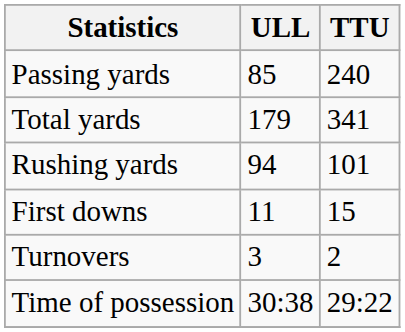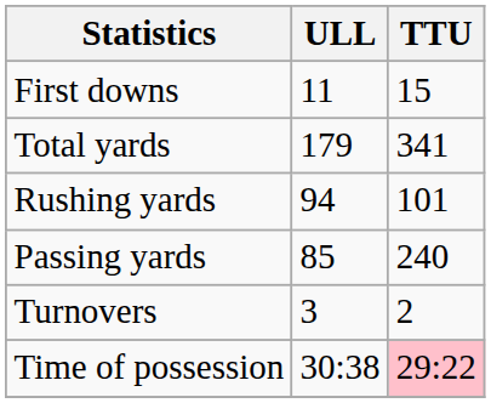 <table class="wikitable">
 <tr>
 <th>Statistics</th>
 <th>ULL</th>
 <th>TTU</th>
 </tr>
 <tr>
-<td>Passing yards</td>
-<td>85</td>
-<td>240</td>
+<td>First downs</td>
+<td>11</td>
+<td>15</td>
 </tr>
 <tr>
 <td>Total yards</td>
 <td>179</td>
 <td>341</td>
 </tr>
 <tr>
 <td>Rushing yards</td>
 <td>94</td>
 <td>101</td>
 </tr>
 <tr>
-<td>First downs</td>
-<td>11</td>
-<td>15</td>
+<td>Passing yards</td>
+<td>85</td>
+<td>240</td>
 </tr>
 <tr>
 <td>Turnovers</td>
 <td>3</td>
 <td>2</td>
 </tr>
 <tr>
 <td>Time of possession</td>
 <td>30:38</td>
-<td>29:22</td>
+<td style="background: pink;">29:22</td>
 </tr>
 <tr>
 </tr>
 </table>
